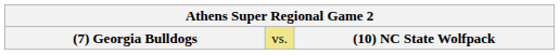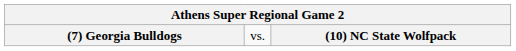 <table class="wikitable">
 <tr>
 <th style="width: 604px;" colspan=3>Athens Super Regional Game 2</th>
 </tr>
 <tr>
 <th style="width: 289px; ">(7) Georgia Bulldogs</th>
-<td style="background: khaki; width: 25px; text-align:center">vs.</td>
+<td style="width: 25px; text-align:center">vs.</td>
 <th style="width: 289px; ">(10) NC State Wolfpack</th>
 </tr>
 </table>
